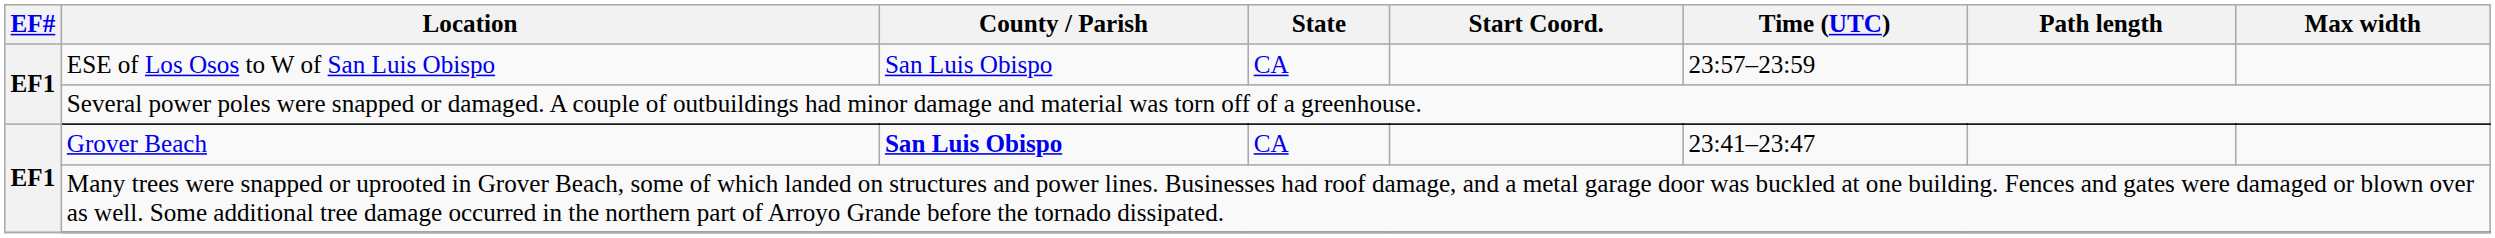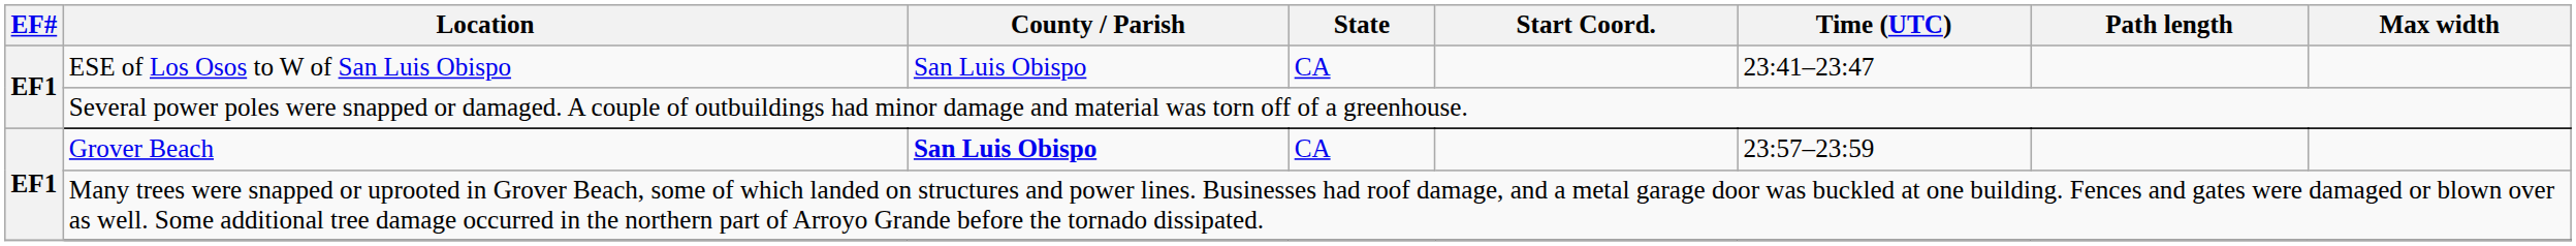 <table class="wikitable sortable" style="width:100%;">
 <tr>
 <th scope="col" width="2%" align="center"><a href='#'>EF#</a></th>
 <th scope="col" align="center" class="unsortable">Location</th>
 <th scope="col" align="center" class="unsortable">County / Parish</th>
 <th scope="col" align="center">State</th>
 <th scope="col" align="center">Start Coord.</th>
 <th scope="col" align="center">Time (<a href='#'>UTC</a>)</th>
 <th scope="col" align="center">Path length</th>
 <th scope="col" align="center">Max width</th>
 </tr>
 <tr>
 <th scope="row" rowspan="2" style="background-color:#">EF1</th>
 <td>ESE of <a href='#'>Los Osos</a> to W of <a href='#'>San Luis Obispo</a></td>
 <td><a href='#'>San Luis Obispo</a></td>
 <td><a href='#'>CA</a></td>
 <td></td>
-<td>23:57–23:59</td>
+<td>23:41–23:47</td>
 <td></td>
 <td></td>
 </tr>
 <tr class="expand-child">
 <td colspan="8" style=" border-bottom: 1px solid black;">Several power poles were snapped or damaged. A couple of outbuildings had minor damage and material was torn off of a greenhouse.</td>
 </tr>
 <tr>
 <th scope="row" rowspan="2" style="background-color:#">EF1</th>
 <td><a href='#'>Grover Beach</a></td>
 <td><strong><a href='#'>San Luis Obispo</a></strong></td>
 <td><a href='#'>CA</a></td>
 <td></td>
-<td>23:41–23:47</td>
+<td>23:57–23:59</td>
 <td></td>
 <td></td>
 </tr>
 <tr class="expand-child">
 <td colspan="8" style=" border-bottom: 1px solid black;">Many trees were snapped or uprooted in Grover Beach, some of which landed on structures and power lines. Businesses had roof damage, and a metal garage door was buckled at one building. Fences and gates were damaged or blown over as well. Some additional tree damage occurred in the northern part of Arroyo Grande before the tornado dissipated.</td>
 </tr>
 <tr>
 </tr>
 </table>
